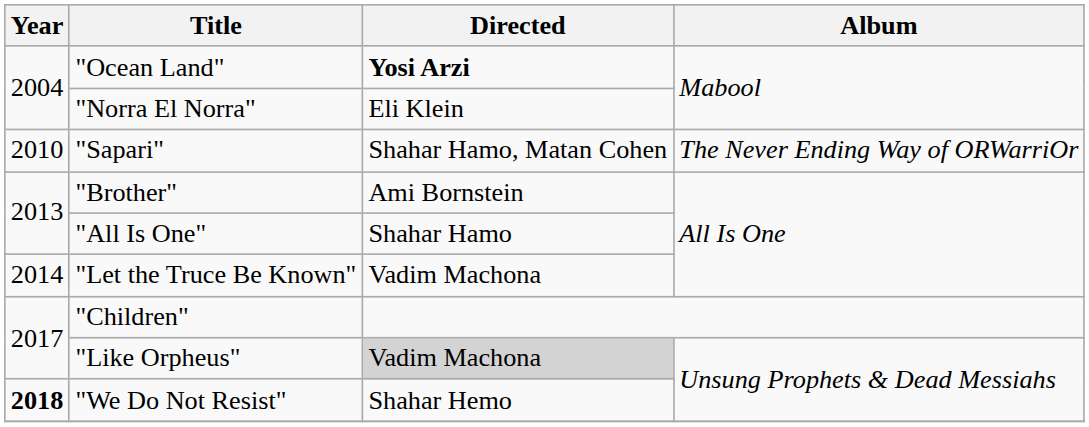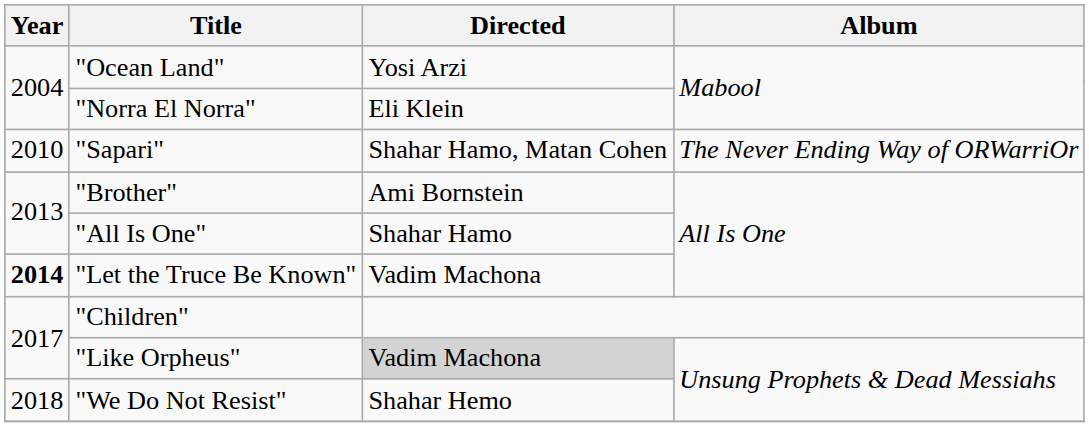 <table class="wikitable">
 <tr>
 <th>Year</th>
 <th>Title</th>
 <th>Directed</th>
 <th>Album</th>
 </tr>
 <tr>
 <td rowspan=2>2004</td>
 <td>"Ocean Land"</td>
-<td><strong>Yosi Arzi</strong></td>
+<td>Yosi Arzi</td>
 <td rowspan=2><em>Mabool</em></td>
 </tr>
 <tr>
 <td>"Norra El Norra"</td>
 <td>Eli Klein</td>
 </tr>
 <tr>
 <td>2010</td>
 <td>"Sapari"</td>
 <td>Shahar Hamo, Matan Cohen</td>
 <td><em>The Never Ending Way of ORWarriOr</em></td>
 </tr>
 <tr>
 <td rowspan=2>2013</td>
 <td>"Brother"</td>
 <td>Ami Bornstein</td>
 <td rowspan=3><em>All Is One</em></td>
 </tr>
 <tr>
 <td>"All Is One"</td>
 <td>Shahar Hamo</td>
 </tr>
 <tr>
-<td>2014</td>
+<td><strong>2014</strong></td>
 <td>"Let the Truce Be Known"</td>
 <td>Vadim Machona</td>
 </tr>
 <tr>
 <td rowspan=2>2017</td>
 <td>"Children"</td>
 </tr>
 <tr>
 <td>"Like Orpheus"</td>
 <td style="background: lightgrey;">Vadim Machona</td>
 <td rowspan=2><em>Unsung Prophets & Dead Messiahs</em></td>
 </tr>
 <tr>
-<td><strong>2018</strong></td>
+<td>2018</td>
 <td>"We Do Not Resist"</td>
 <td>Shahar Hemo</td>
 </tr>
 <tr>
 </tr>
 </table>
